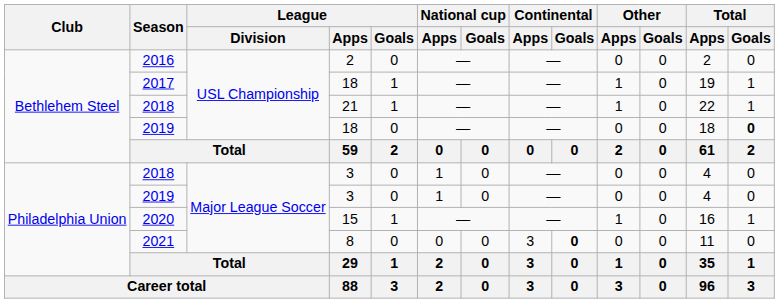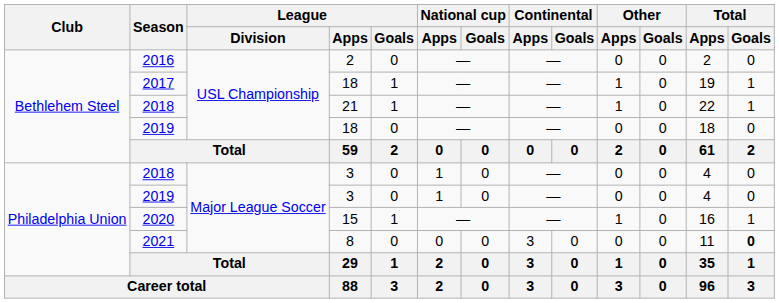 <table class="wikitable" style="text-align:center">
 <tr>
 <th rowspan="2">Club</th>
 <th rowspan="2">Season</th>
 <th colspan="3">League</th>
 <th colspan="2">National cup</th>
 <th colspan="2">Continental</th>
 <th colspan="2">Other</th>
 <th colspan="2">Total</th>
 </tr>
 <tr>
 <th>Division</th>
 <th>Apps</th>
 <th>Goals</th>
 <th>Apps</th>
 <th>Goals</th>
 <th>Apps</th>
 <th>Goals</th>
 <th>Apps</th>
 <th>Goals</th>
 <th>Apps</th>
 <th>Goals</th>
 </tr>
 <tr>
 <td rowspan="5"><a href='#'>Bethlehem Steel</a></td>
 <td><a href='#'>2016</a></td>
 <td rowspan="4"><a href='#'>USL Championship</a></td>
 <td>2</td>
 <td>0</td>
 <td colspan="2">—</td>
 <td colspan="2">—</td>
 <td>0</td>
 <td>0</td>
 <td>2</td>
 <td>0</td>
 </tr>
 <tr>
 <td><a href='#'>2017</a></td>
 <td>18</td>
 <td>1</td>
 <td colspan="2">—</td>
 <td colspan="2">—</td>
 <td>1</td>
 <td>0</td>
 <td>19</td>
 <td>1</td>
 </tr>
 <tr>
 <td><a href='#'>2018</a></td>
 <td>21</td>
 <td>1</td>
 <td colspan="2">—</td>
 <td colspan="2">—</td>
 <td>1</td>
 <td>0</td>
 <td>22</td>
 <td>1</td>
 </tr>
 <tr>
 <td><a href='#'>2019</a></td>
 <td>18</td>
 <td>0</td>
 <td colspan="2">—</td>
 <td colspan="2">—</td>
 <td>0</td>
 <td>0</td>
 <td>18</td>
-<td><strong>0</strong></td>
+<td>0</td>
 </tr>
 <tr>
 <th colspan="2">Total</th>
 <th>59</th>
 <th>2</th>
 <th>0</th>
 <th>0</th>
 <th>0</th>
 <th>0</th>
 <th>2</th>
 <th>0</th>
 <th>61</th>
 <th>2</th>
 </tr>
 <tr>
 <td rowspan="5"><a href='#'>Philadelphia Union</a></td>
 <td><a href='#'>2018</a></td>
 <td rowspan="4"><a href='#'>Major League Soccer</a></td>
 <td>3</td>
 <td>0</td>
 <td>1</td>
 <td>0</td>
 <td colspan="2">—</td>
 <td>0</td>
 <td>0</td>
 <td>4</td>
 <td>0</td>
 </tr>
 <tr>
 <td><a href='#'>2019</a></td>
 <td>3</td>
 <td>0</td>
 <td>1</td>
 <td>0</td>
 <td colspan="2">—</td>
 <td>0</td>
 <td>0</td>
 <td>4</td>
 <td>0</td>
 </tr>
 <tr>
 <td><a href='#'>2020</a></td>
 <td>15</td>
 <td>1</td>
 <td colspan="2">—</td>
 <td colspan="2">—</td>
 <td>1</td>
 <td>0</td>
 <td>16</td>
 <td>1</td>
 </tr>
 <tr>
 <td><a href='#'>2021</a></td>
 <td>8</td>
 <td>0</td>
 <td>0</td>
 <td>0</td>
 <td>3</td>
-<td><strong>0</strong></td>
+<td>0</td>
 <td>0</td>
 <td>0</td>
 <td>11</td>
-<td>0</td>
+<td><strong>0</strong></td>
 </tr>
 <tr>
 <th colspan="2">Total</th>
 <th>29</th>
 <th>1</th>
 <th>2</th>
 <th>0</th>
 <th>3</th>
 <th>0</th>
 <th>1</th>
 <th>0</th>
 <th>35</th>
 <th>1</th>
 </tr>
 <tr>
 <th colspan="3">Career total</th>
 <th>88</th>
 <th>3</th>
 <th>2</th>
 <th>0</th>
 <th>3</th>
 <th>0</th>
 <th>3</th>
 <th>0</th>
 <th>96</th>
 <th>3</th>
 </tr>
 </table>
